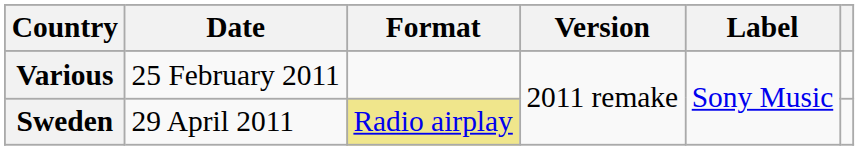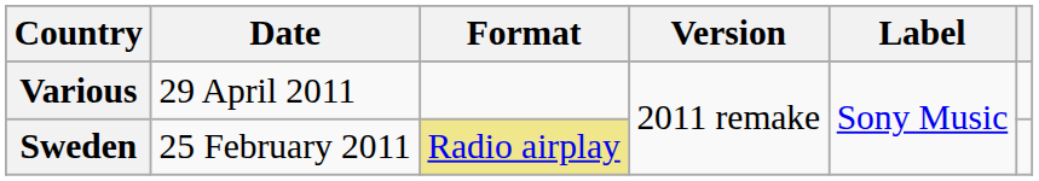 <table class="wikitable plainrowheaders">
 <tr>
 <th scope="col">Country</th>
 <th scope="col">Date</th>
 <th scope="col">Format</th>
 <th scope="col">Version</th>
 <th scope="col">Label</th>
 <th scope="col"></th>
 </tr>
 <tr>
 <th scope="row">Various</th>
-<td>25 February 2011</td>
+<td>29 April 2011</td>
 <td></td>
 <td rowspan="2">2011 remake</td>
 <td rowspan="2"><a href='#'>Sony Music</a></td>
 <td style="text-align:center;"></td>
 </tr>
 <tr>
 <th scope="row">Sweden</th>
-<td>29 April 2011</td>
+<td>25 February 2011</td>
 <td style="background: khaki;"><a href='#'>Radio airplay</a></td>
 <td style="text-align:center;"></td>
 </tr>
 </table>
